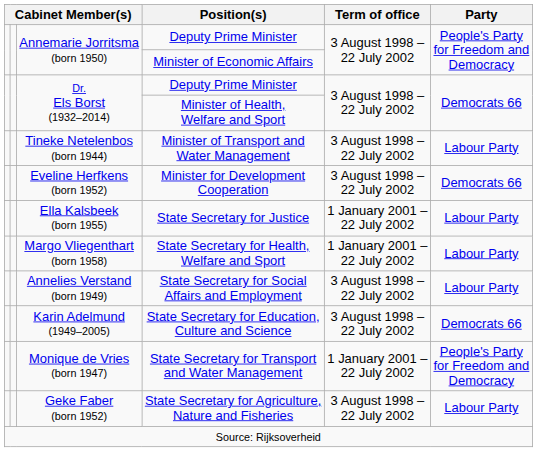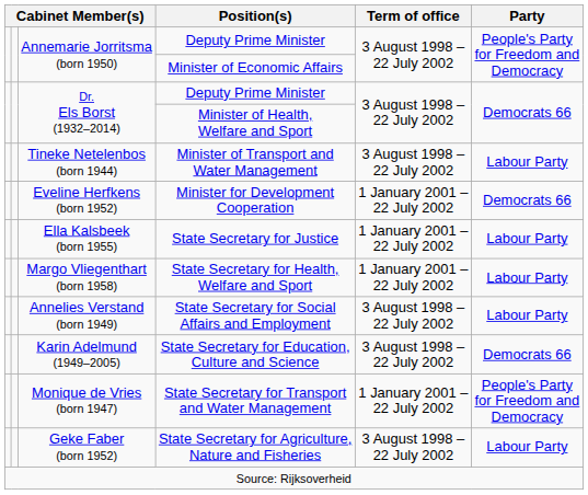 <table class="wikitable" style="text-align:center">
 <tr>
 <th colspan=3>Cabinet Member(s)</th>
 <th>Position(s)</th>
 <th>Term of office</th>
 <th>Party</th>
 </tr>
 <tr>
 <td rowspan=2 style="background:"></td>
 <td rowspan=2></td>
 <td rowspan=2><a href='#'>Annemarie Jorritsma</a> <br> <small>(born 1950)</small></td>
 <td><a href='#'>Deputy Prime Minister</a></td>
 <td rowspan=2>3 August 1998 – <br> 22 July 2002</td>
 <td rowspan=2><a href='#'>People's Party <br> for Freedom and <br> Democracy</a></td>
 </tr>
 <tr>
 <td><a href='#'>Minister of Economic Affairs</a></td>
 </tr>
 <tr>
 <td rowspan=2 style="background:"></td>
 <td rowspan=2></td>
 <td rowspan=2><small><a href='#'>Dr.</a></small> <br> <a href='#'>Els Borst</a> <br> <small>(1932–2014)</small></td>
 <td><a href='#'>Deputy Prime Minister</a></td>
 <td rowspan=2>3 August 1998 – <br> 22 July 2002</td>
 <td rowspan=2><a href='#'>Democrats 66</a></td>
 </tr>
 <tr>
 <td><a href='#'>Minister of Health, <br> Welfare and Sport</a></td>
 </tr>
 <tr>
 <td style="background:"></td>
 <td></td>
 <td><a href='#'>Tineke Netelenbos</a> <br> <small>(born 1944)</small></td>
 <td><a href='#'>Minister of Transport and <br> Water Management</a></td>
 <td>3 August 1998 – <br> 22 July 2002</td>
 <td><a href='#'>Labour Party</a></td>
 </tr>
 <tr>
 <td style="background:"></td>
 <td></td>
 <td><a href='#'>Eveline Herfkens</a> <br> <small>(born 1952)</small></td>
 <td><a href='#'>Minister for Development <br> Cooperation</a></td>
-<td>3 August 1998 – <br> 22 July 2002</td>
+<td>1 January 2001 – <br> 22 July 2002</td>
 <td><a href='#'>Democrats 66</a></td>
 </tr>
 <tr>
 <td style="background:"></td>
 <td></td>
 <td><a href='#'>Ella Kalsbeek</a> <br> <small>(born 1955)</small></td>
 <td><a href='#'>State Secretary for Justice</a></td>
 <td>1 January 2001 – <br> 22 July 2002</td>
 <td><a href='#'>Labour Party</a></td>
 </tr>
 <tr>
 <td style="background:"></td>
 <td></td>
 <td><a href='#'>Margo Vliegenthart</a> <br> <small>(born 1958)</small></td>
 <td><a href='#'>State Secretary for Health, <br> Welfare and Sport</a></td>
 <td>1 January 2001 – <br> 22 July 2002</td>
 <td><a href='#'>Labour Party</a></td>
 </tr>
 <tr>
 <td style="background:"></td>
 <td></td>
 <td><a href='#'>Annelies Verstand</a> <br> <small>(born 1949)</small></td>
 <td><a href='#'>State Secretary for Social <br> Affairs and Employment</a></td>
 <td>3 August 1998 – <br> 22 July 2002</td>
 <td><a href='#'>Labour Party</a></td>
 </tr>
 <tr>
 <td style="background:"></td>
 <td></td>
 <td><a href='#'>Karin Adelmund</a> <br> <small>(1949–2005)</small></td>
 <td><a href='#'>State Secretary for Education, <br> Culture and Science</a></td>
 <td>3 August 1998 – <br> 22 July 2002</td>
 <td><a href='#'>Democrats 66</a></td>
 </tr>
 <tr>
 <td style="background:"></td>
 <td></td>
 <td><a href='#'>Monique de Vries</a> <br> <small>(born 1947)</small></td>
 <td><a href='#'>State Secretary for Transport <br> and Water Management</a></td>
 <td>1 January 2001 – <br> 22 July 2002</td>
 <td><a href='#'>People's Party <br> for Freedom and <br> Democracy</a></td>
 </tr>
 <tr>
 <td style="background:"></td>
 <td></td>
 <td><a href='#'>Geke Faber</a> <br> <small>(born 1952)</small></td>
 <td><a href='#'>State Secretary for Agriculture, <br> Nature and Fisheries</a></td>
 <td>3 August 1998 – <br> 22 July 2002</td>
 <td><a href='#'>Labour Party</a></td>
 </tr>
 <tr>
 <td colspan=9><small>Source:   Rijksoverheid</small></td>
 </tr>
 </table>
